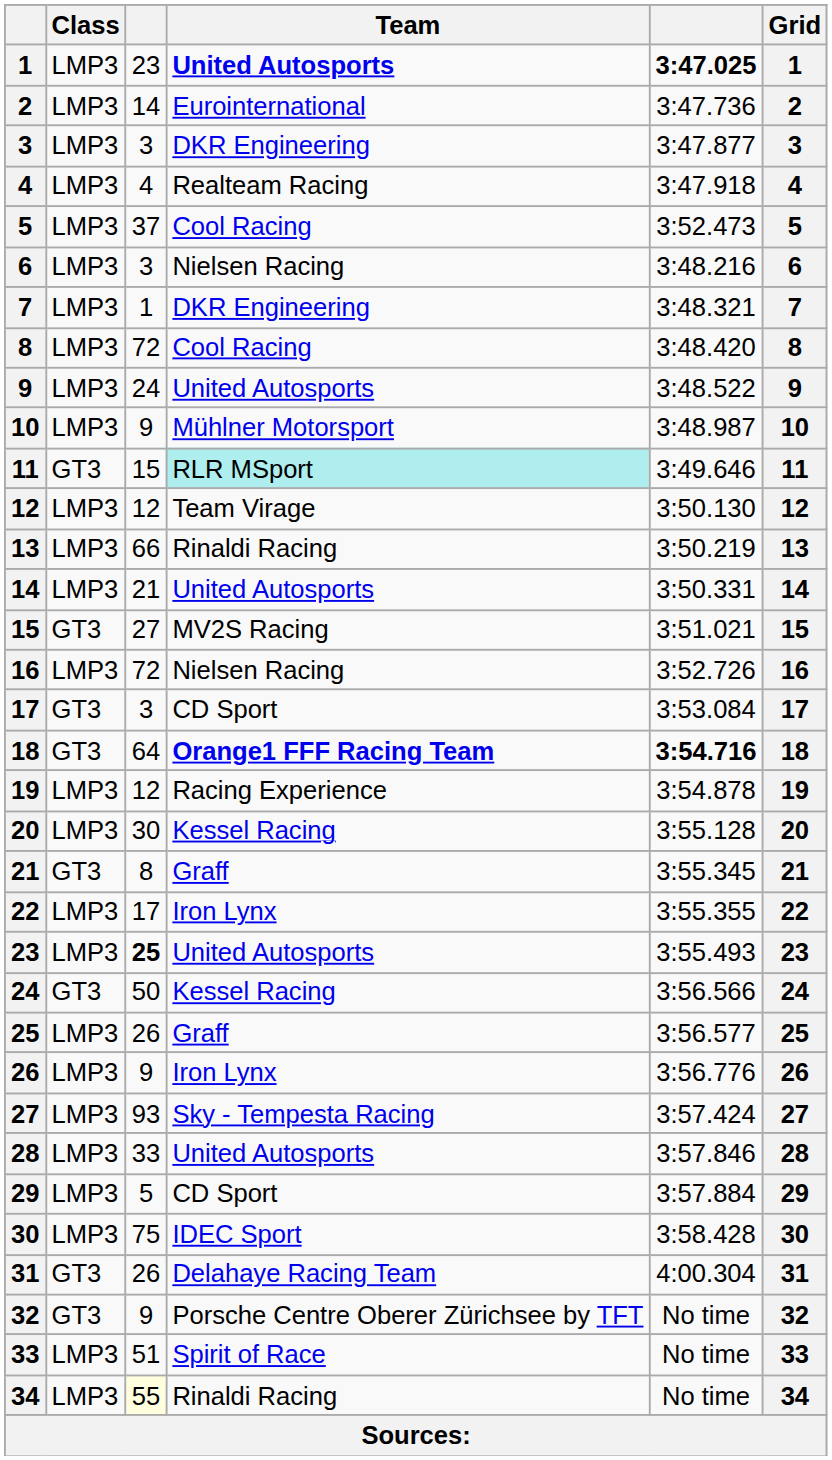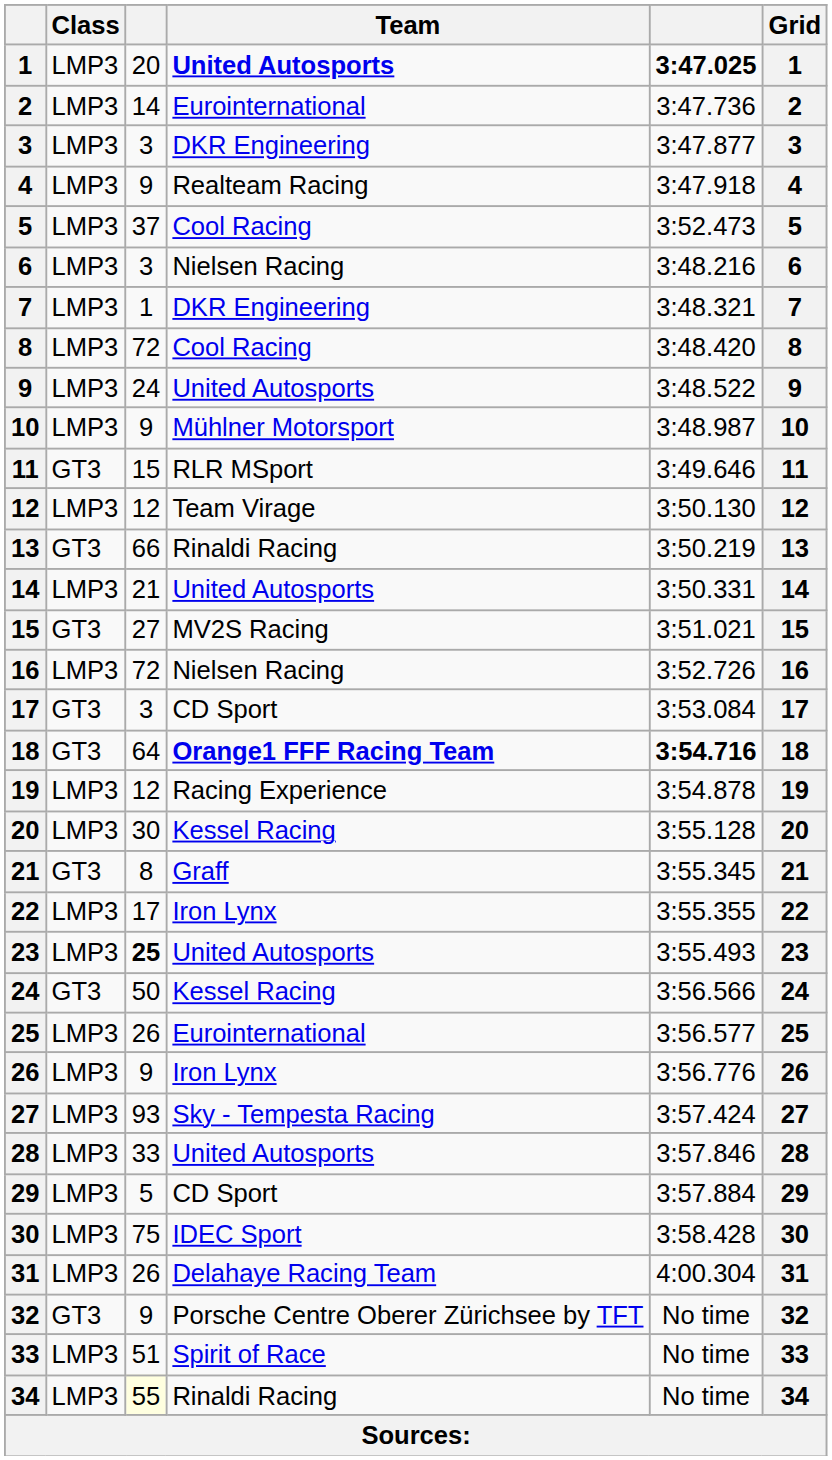 <table class="wikitable" style="font-size: 85%;">
 <tr>
 <th></th>
 <th>Class</th>
 <th></th>
 <th>Team</th>
 <th></th>
 <th>Grid</th>
 </tr>
 <tr>
 <th>1</th>
 <td>LMP3</td>
-<td align="center">23</td>
+<td align="center">20</td>
 <td><strong><a href='#'>United Autosports</a></strong></td>
 <td align="center"><strong>3:47.025</strong></td>
 <th>1</th>
 </tr>
 <tr>
 <th>2</th>
 <td>LMP3</td>
 <td align="center">14</td>
 <td><a href='#'>Eurointernational</a></td>
 <td align="center">3:47.736</td>
 <th>2</th>
 </tr>
 <tr>
 <th>3</th>
 <td>LMP3</td>
 <td align="center">3</td>
 <td><a href='#'>DKR Engineering</a></td>
 <td align="center">3:47.877</td>
 <th>3</th>
 </tr>
 <tr>
 <th>4</th>
 <td>LMP3</td>
-<td align="center">4</td>
+<td align="center">9</td>
 <td>Realteam Racing</td>
 <td align="center">3:47.918</td>
 <th>4</th>
 </tr>
 <tr>
 <th>5</th>
 <td>LMP3</td>
 <td align="center">37</td>
 <td><a href='#'>Cool Racing</a></td>
 <td align="center">3:52.473</td>
 <th>5</th>
 </tr>
 <tr>
 <th>6</th>
 <td>LMP3</td>
 <td align="center">3</td>
 <td>Nielsen Racing</td>
 <td align="center">3:48.216</td>
 <th>6</th>
 </tr>
 <tr>
 <th>7</th>
 <td>LMP3</td>
 <td align="center">1</td>
 <td><a href='#'>DKR Engineering</a></td>
 <td align="center">3:48.321</td>
 <th>7</th>
 </tr>
 <tr>
 <th>8</th>
 <td>LMP3</td>
 <td align="center">72</td>
 <td><a href='#'>Cool Racing</a></td>
 <td align="center">3:48.420</td>
 <th>8</th>
 </tr>
 <tr>
 <th>9</th>
 <td>LMP3</td>
 <td align="center">24</td>
 <td><a href='#'>United Autosports</a></td>
 <td align="center">3:48.522</td>
 <th>9</th>
 </tr>
 <tr>
 <th>10</th>
 <td>LMP3</td>
 <td align="center">9</td>
 <td><a href='#'>Mühlner Motorsport</a></td>
 <td align="center">3:48.987</td>
 <th>10</th>
 </tr>
 <tr>
 <th>11</th>
 <td>GT3</td>
 <td align="center">15</td>
-<td style="background: paleturquoise;">RLR MSport</td>
+<td>RLR MSport</td>
 <td align="center">3:49.646</td>
 <th>11</th>
 </tr>
 <tr>
 <th>12</th>
 <td>LMP3</td>
 <td align="center">12</td>
 <td>Team Virage</td>
 <td align="center">3:50.130</td>
 <th>12</th>
 </tr>
 <tr>
 <th>13</th>
-<td>LMP3</td>
+<td>GT3</td>
 <td align="center">66</td>
 <td>Rinaldi Racing</td>
 <td align="center">3:50.219</td>
 <th>13</th>
 </tr>
 <tr>
 <th>14</th>
 <td>LMP3</td>
 <td align="center">21</td>
 <td><a href='#'>United Autosports</a></td>
 <td align="center">3:50.331</td>
 <th>14</th>
 </tr>
 <tr>
 <th>15</th>
 <td>GT3</td>
 <td align="center">27</td>
 <td>MV2S Racing</td>
 <td align="center">3:51.021</td>
 <th>15</th>
 </tr>
 <tr>
 <th>16</th>
 <td>LMP3</td>
 <td align="center">72</td>
 <td>Nielsen Racing</td>
 <td align="center">3:52.726</td>
 <th>16</th>
 </tr>
 <tr>
 <th>17</th>
 <td>GT3</td>
 <td align="center">3</td>
 <td>CD Sport</td>
 <td align="center">3:53.084</td>
 <th>17</th>
 </tr>
 <tr>
 <th>18</th>
 <td>GT3</td>
 <td align="center">64</td>
 <td><strong><a href='#'>Orange1 FFF Racing Team</a></strong></td>
 <td align="center"><strong>3:54.716</strong></td>
 <th>18</th>
 </tr>
 <tr>
 <th>19</th>
 <td>LMP3</td>
 <td align="center">12</td>
 <td>Racing Experience</td>
 <td align="center">3:54.878</td>
 <th>19</th>
 </tr>
 <tr>
 <th>20</th>
 <td>LMP3</td>
 <td align="center">30</td>
 <td><a href='#'>Kessel Racing</a></td>
 <td align="center">3:55.128</td>
 <th>20</th>
 </tr>
 <tr>
 <th>21</th>
 <td>GT3</td>
 <td align="center">8</td>
 <td><a href='#'>Graff</a></td>
 <td align="center">3:55.345</td>
 <th>21</th>
 </tr>
 <tr>
 <th>22</th>
 <td>LMP3</td>
 <td align="center">17</td>
 <td><a href='#'>Iron Lynx</a></td>
 <td align="center">3:55.355</td>
 <th>22</th>
 </tr>
 <tr>
 <th>23</th>
 <td>LMP3</td>
 <td align="center"><strong>25</strong></td>
 <td><a href='#'>United Autosports</a></td>
 <td align="center">3:55.493</td>
 <th>23</th>
 </tr>
 <tr>
 <th>24</th>
 <td>GT3</td>
 <td align="center">50</td>
 <td><a href='#'>Kessel Racing</a></td>
 <td align="center">3:56.566</td>
 <th>24</th>
 </tr>
 <tr>
 <th>25</th>
 <td>LMP3</td>
 <td align="center">26</td>
-<td><a href='#'>Graff</a></td>
+<td><a href='#'>Eurointernational</a></td>
 <td align="center">3:56.577</td>
 <th>25</th>
 </tr>
 <tr>
 <th>26</th>
 <td>LMP3</td>
 <td align="center">9</td>
 <td><a href='#'>Iron Lynx</a></td>
 <td align="center">3:56.776</td>
 <th>26</th>
 </tr>
 <tr>
 <th>27</th>
 <td>LMP3</td>
 <td align="center">93</td>
 <td><a href='#'>Sky - Tempesta Racing</a></td>
 <td align="center">3:57.424</td>
 <th>27</th>
 </tr>
 <tr>
 <th>28</th>
 <td>LMP3</td>
 <td align="center">33</td>
 <td><a href='#'>United Autosports</a></td>
 <td align="center">3:57.846</td>
 <th>28</th>
 </tr>
 <tr>
 <th>29</th>
 <td>LMP3</td>
 <td align="center">5</td>
 <td>CD Sport</td>
 <td align="center">3:57.884</td>
 <th>29</th>
 </tr>
 <tr>
 <th>30</th>
 <td>LMP3</td>
 <td align="center">75</td>
 <td><a href='#'>IDEC Sport</a></td>
 <td align="center">3:58.428</td>
 <th>30</th>
 </tr>
 <tr>
 <th>31</th>
-<td>GT3</td>
+<td>LMP3</td>
 <td align="center">26</td>
 <td><a href='#'>Delahaye Racing Team</a></td>
 <td align="center">4:00.304</td>
 <th>31</th>
 </tr>
 <tr>
 <th>32</th>
 <td>GT3</td>
 <td align="center">9</td>
 <td>Porsche Centre Oberer Zürichsee by <a href='#'>TFT</a></td>
 <td align="center">No time</td>
 <th>32</th>
 </tr>
 <tr>
 <th>33</th>
 <td>LMP3</td>
 <td align="center">51</td>
 <td><a href='#'>Spirit of Race</a></td>
 <td align="center">No time</td>
 <th>33</th>
 </tr>
 <tr>
 <th>34</th>
 <td>LMP3</td>
 <td align="center" style="background: lightyellow;">55</td>
 <td>Rinaldi Racing</td>
 <td align="center">No time</td>
 <th>34</th>
 </tr>
 <tr>
 <th colspan="6">Sources:</th>
 </tr>
 </table>
